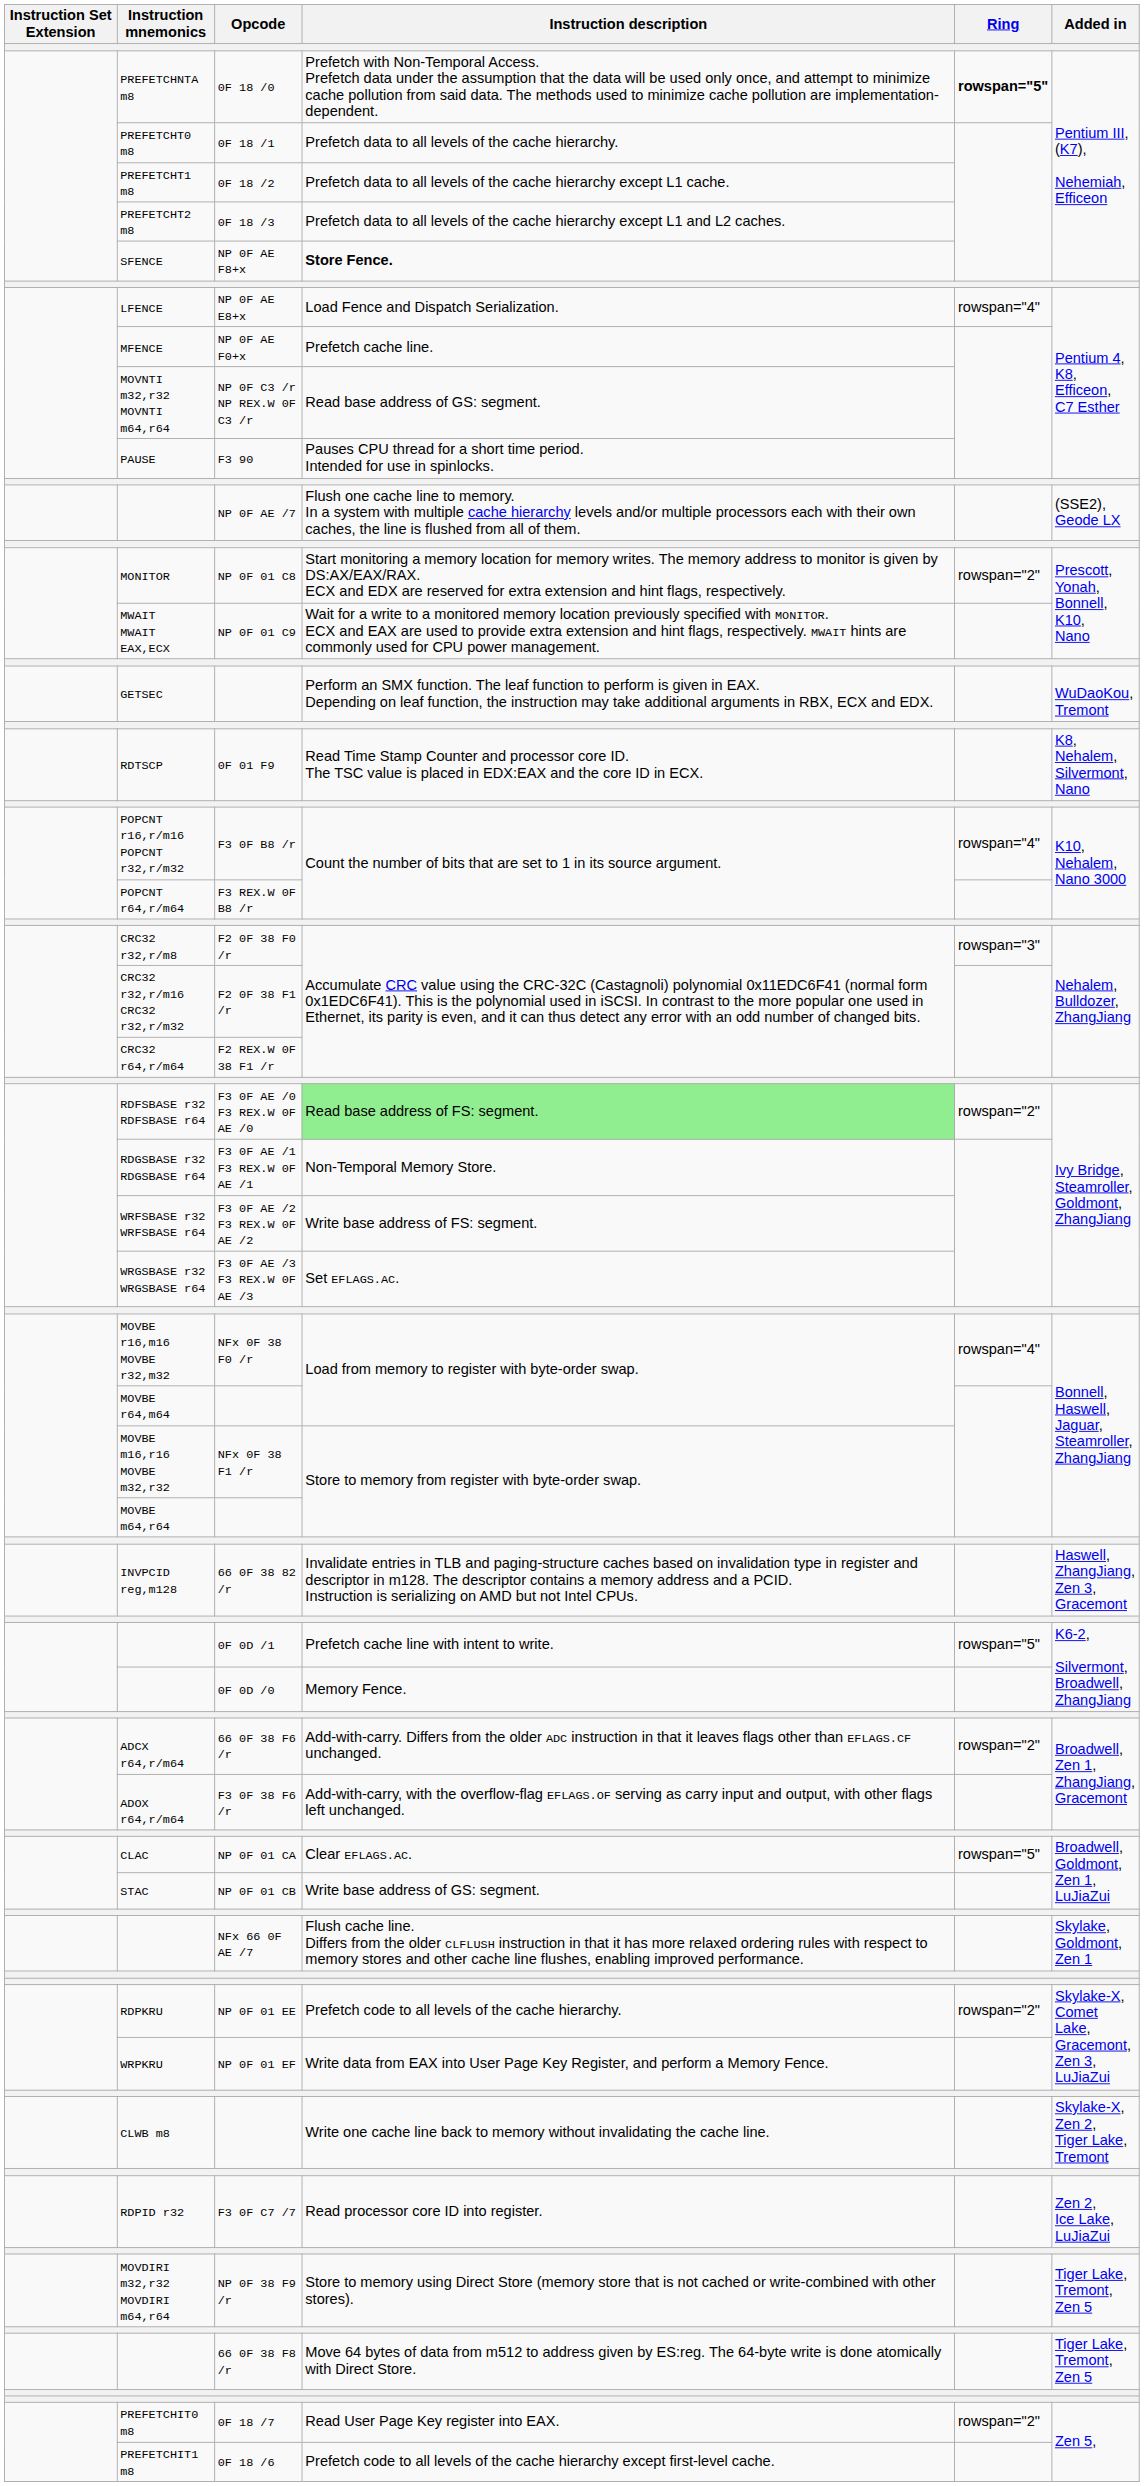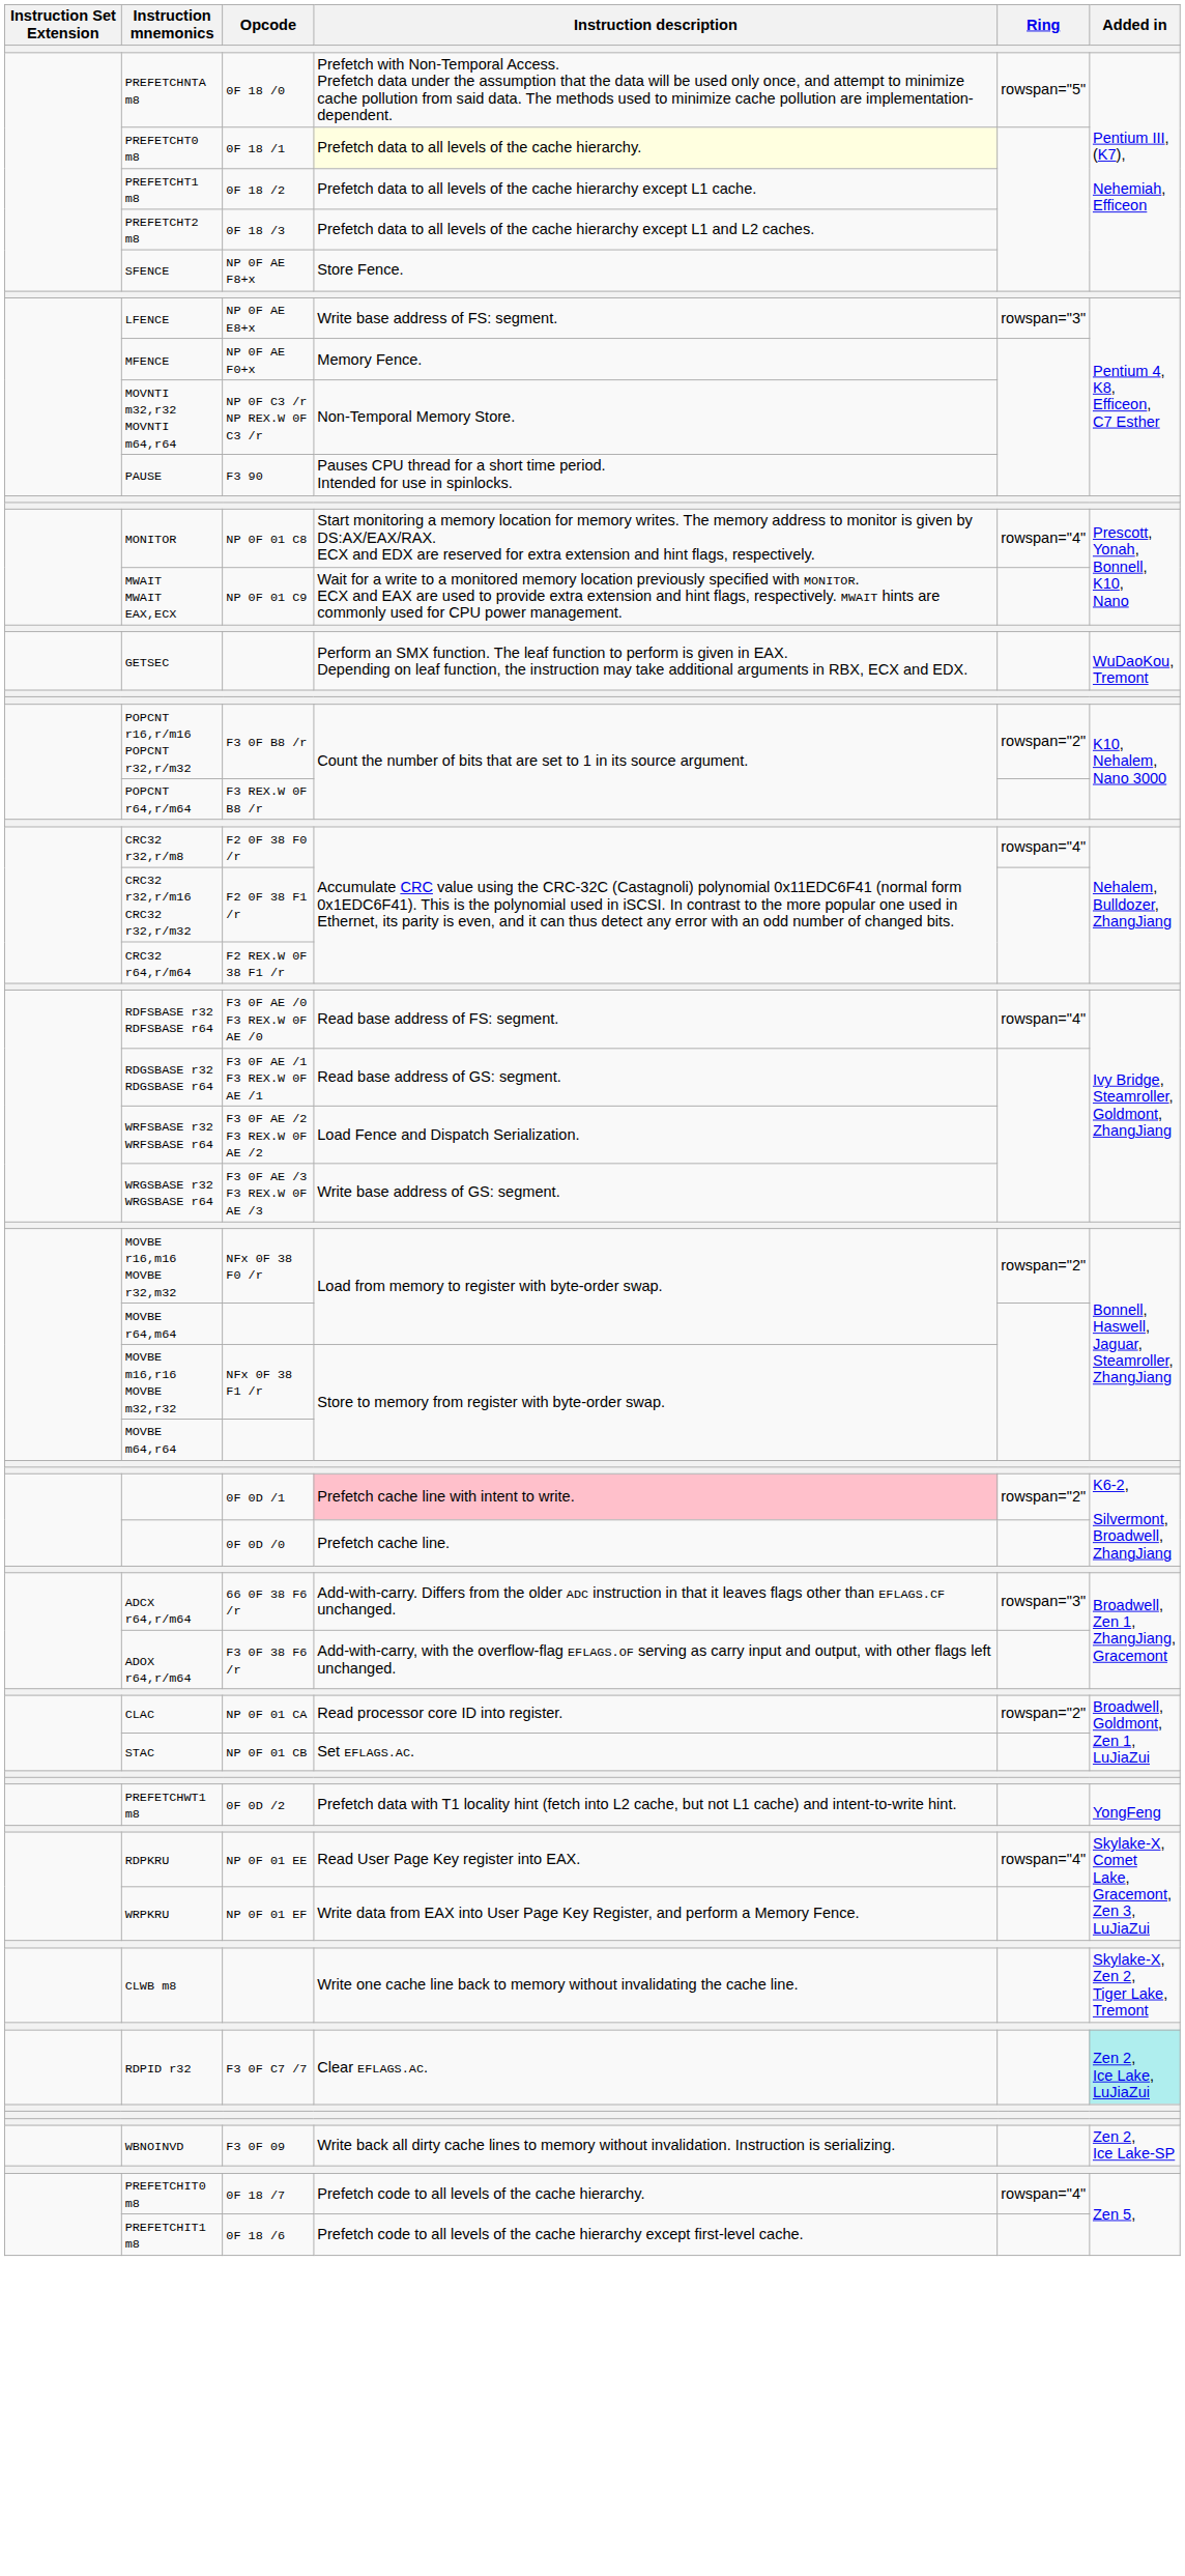 <table class="wikitable sortable sticky-header">
 <tr>
 <th>Instruction Set Extension</th>
 <th>Instruction<br>mnemonics</th>
 <th>Opcode</th>
 <th>Instruction description</th>
 <th><a href='#'>Ring</a></th>
 <th>Added in</th>
 </tr>
 <tr>
 <th colspan="6"></th>
 </tr>
 <tr>
 <td rowspan="5"></td>
 <td><code>PREFETCHNTA m8</code></td>
 <td><code>0F 18 /0</code></td>
 <td>Prefetch with Non-Temporal Access.<br>Prefetch data under the assumption that the data will be used only once, and attempt to minimize cache pollution from said data. The methods used to minimize cache pollution are implementation-dependent.</td>
-<td><strong>rowspan="5" </strong></td>
+<td>rowspan="5" </td>
 <td rowspan="5"><a href='#'>Pentium III</a>,<br>(<a href='#'>K7</a>),<br><br><a href='#'>Nehemiah</a>,<br><a href='#'>Efficeon</a></td>
 </tr>
 <tr>
 <td><code>PREFETCHT0 m8</code></td>
 <td><code>0F 18 /1</code></td>
-<td>Prefetch data to all levels of the cache hierarchy.</td>
+<td style="background: lightyellow;">Prefetch data to all levels of the cache hierarchy.</td>
 </tr>
 <tr>
 <td><code>PREFETCHT1 m8</code></td>
 <td><code>0F 18 /2</code></td>
 <td>Prefetch data to all levels of the cache hierarchy except L1 cache.</td>
 </tr>
 <tr>
 <td><code>PREFETCHT2 m8</code></td>
 <td><code>0F 18 /3</code></td>
 <td>Prefetch data to all levels of the cache hierarchy except L1 and L2 caches.</td>
 </tr>
 <tr>
 <td><code>SFENCE</code></td>
 <td><code>NP 0F AE F8+x</code></td>
-<td><strong>Store Fence.</strong></td>
+<td>Store Fence.</td>
 </tr>
 <tr>
 <th colspan="6"></th>
 </tr>
 <tr>
 <td rowspan="4"></td>
 <td><code>LFENCE</code></td>
 <td><code>NP 0F AE E8+x</code></td>
-<td>Load Fence and Dispatch Serialization.</td>
-<td>rowspan="4" </td>
+<td>Write base address of FS: segment.</td>
+<td>rowspan="3" </td>
 <td rowspan="4"><a href='#'>Pentium 4</a>,<br><a href='#'>K8</a>,<br><a href='#'>Efficeon</a>,<br><a href='#'>C7 Esther</a></td>
 </tr>
 <tr>
 <td><code>MFENCE</code></td>
 <td><code>NP 0F AE F0+x</code></td>
-<td>Prefetch cache line.</td>
+<td>Memory Fence.</td>
 </tr>
 <tr>
 <td><code>MOVNTI m32,r32</code><br><code>MOVNTI m64,r64</code></td>
 <td><code>NP 0F C3 /r</code><br><code>NP REX.W 0F C3 /r</code></td>
-<td>Read base address of GS: segment.</td>
+<td>Non-Temporal Memory Store.</td>
 </tr>
 <tr>
 <td><code>PAUSE</code></td>
 <td><code>F3 90</code></td>
 <td>Pauses CPU thread for a short time period.<br>Intended for use in spinlocks.</td>
 </tr>
 <tr>
 <th colspan="6"></th>
 </tr>
 <tr>
-<td></td>
-<td></td>
-<td><code>NP 0F AE /7</code></td>
-<td>Flush one cache line to memory.<br>In a system with multiple <a href='#'>cache hierarchy</a> levels and/or multiple processors each with their own caches, the line is flushed from all of them.</td>
-<td></td>
-<td>(SSE2),<br><a href='#'>Geode LX</a></td>
-</tr>
-<tr>
 <th colspan="6"></th>
 </tr>
 <tr>
 <td rowspan="2"></td>
 <td><code>MONITOR</code><br></td>
 <td><code>NP 0F 01 C8</code></td>
 <td>Start monitoring a memory location for memory writes. The memory address to monitor is given by DS:AX/EAX/RAX. <br>ECX and EDX are reserved for extra extension and hint flags, respectively.</td>
-<td>rowspan="2" </td>
+<td>rowspan="4" </td>
 <td rowspan="2"><a href='#'>Prescott</a>,<br><a href='#'>Yonah</a>,<br><a href='#'>Bonnell</a>,<br><a href='#'>K10</a>,<br><a href='#'>Nano</a></td>
 </tr>
 <tr>
 <td><code>MWAIT</code><br><code>MWAIT EAX,ECX</code></td>
 <td><code>NP 0F 01 C9</code></td>
 <td>Wait for a write to a monitored memory location previously specified with <code>MONITOR</code>.<br>ECX and EAX are used to provide extra extension and hint flags, respectively. <code>MWAIT</code> hints are commonly used for CPU power management.</td>
 </tr>
 <tr>
 <th colspan="6"></th>
 </tr>
 <tr>
 <td></td>
 <td><code>GETSEC</code></td>
 <td></td>
 <td>Perform an SMX function. The leaf function to perform is given in EAX.<br>Depending on leaf function, the instruction may take additional arguments in RBX, ECX and EDX.</td>
 <td></td>
 <td><br><a href='#'>WuDaoKou</a>,<br><a href='#'>Tremont</a></td>
 </tr>
 <tr>
 <th colspan="6"></th>
 </tr>
 <tr>
-<td></td>
-<td><code>RDTSCP</code></td>
-<td><code>0F 01 F9</code></td>
-<td>Read Time Stamp Counter and processor core ID.<br>The TSC value is placed in EDX:EAX and the core ID in ECX.</td>
-<td></td>
-<td><a href='#'>K8</a>,<br><a href='#'>Nehalem</a>,<br><a href='#'>Silvermont</a>,<br><a href='#'>Nano</a></td>
-</tr>
-<tr>
 <th colspan="6"></th>
 </tr>
 <tr>
 <td rowspan="2"></td>
 <td><code>POPCNT r16,r/m16</code><br><code>POPCNT r32,r/m32</code></td>
 <td><code>F3 0F B8 /r</code></td>
 <td rowspan="2">Count the number of bits that are set to 1 in its source argument.</td>
-<td>rowspan="4" </td>
+<td>rowspan="2"  </td>
 <td rowspan="2"><a href='#'>K10</a>,<br><a href='#'>Nehalem</a>,<br><a href='#'>Nano 3000</a></td>
 </tr>
 <tr>
 <td><code>POPCNT r64,r/m64</code></td>
 <td><code>F3 REX.W 0F B8 /r</code></td>
 </tr>
 <tr>
 <th colspan="6"></th>
 </tr>
 <tr>
 <td rowspan="3"></td>
 <td><code>CRC32 r32,r/m8</code></td>
 <td><code>F2 0F 38 F0 /r</code></td>
 <td rowspan="3">Accumulate <a href='#'>CRC</a> value using the CRC-32C (Castagnoli) polynomial 0x11EDC6F41 (normal form 0x1EDC6F41). This is the polynomial used in iSCSI. In contrast to the more popular one used in Ethernet, its parity is even, and it can thus detect any error with an odd number of changed bits.</td>
-<td>rowspan="3" </td>
+<td>rowspan="4" </td>
 <td rowspan="3"><a href='#'>Nehalem</a>,<br><a href='#'>Bulldozer</a>,<br><a href='#'>ZhangJiang</a></td>
 </tr>
 <tr>
 <td><code>CRC32 r32,r/m16</code><br><code>CRC32 r32,r/m32</code></td>
 <td><code>F2 0F 38 F1 /r</code></td>
 </tr>
 <tr>
 <td><code>CRC32 r64,r/m64</code></td>
 <td><code>F2 REX.W 0F 38 F1 /r</code></td>
 </tr>
 <tr>
 <th colspan="6"></th>
 </tr>
 <tr>
 <td rowspan="4"></td>
 <td><code>RDFSBASE r32</code><br><code>RDFSBASE r64</code></td>
 <td><code>F3 0F AE /0</code><br><code>F3 REX.W 0F AE /0</code></td>
-<td style="background: lightgreen;">Read base address of FS: segment.</td>
-<td>rowspan="2" </td>
+<td>Read base address of FS: segment.</td>
+<td>rowspan="4" </td>
 <td rowspan="4"><a href='#'>Ivy Bridge</a>,<br><a href='#'>Steamroller</a>,<br><a href='#'>Goldmont</a>,<br><a href='#'>ZhangJiang</a></td>
 </tr>
 <tr>
 <td><code>RDGSBASE r32</code><br><code>RDGSBASE r64</code></td>
 <td><code>F3 0F AE /1</code><br><code>F3 REX.W 0F AE /1</code></td>
-<td>Non-Temporal Memory Store.</td>
+<td>Read base address of GS: segment.</td>
 </tr>
 <tr>
 <td><code>WRFSBASE r32</code><br><code>WRFSBASE r64</code></td>
 <td><code>F3 0F AE /2</code><br><code>F3 REX.W 0F AE /2</code></td>
-<td>Write base address of FS: segment.</td>
+<td>Load Fence and Dispatch Serialization.</td>
 </tr>
 <tr>
 <td><code>WRGSBASE r32</code><br><code>WRGSBASE r64</code></td>
 <td><code>F3 0F AE /3</code><br><code>F3 REX.W 0F AE /3</code></td>
-<td>Set <code>EFLAGS.AC</code>.</td>
+<td>Write base address of GS: segment.</td>
 </tr>
 <tr>
 <th colspan="6"></th>
 </tr>
 <tr>
 <td rowspan="4"></td>
 <td><code>MOVBE r16,m16</code><br><code>MOVBE r32,m32</code></td>
 <td><code>NFx 0F 38 F0 /r</code></td>
 <td rowspan="2">Load from memory to register with byte-order swap.</td>
-<td>rowspan="4" </td>
+<td>rowspan="2" </td>
 <td rowspan="4"><a href='#'>Bonnell</a>,<br><a href='#'>Haswell</a>,<br><a href='#'>Jaguar</a>,<br><a href='#'>Steamroller</a>,<br><a href='#'>ZhangJiang</a></td>
 </tr>
 <tr>
 <td><code>MOVBE r64,m64</code></td>
 <td></td>
 </tr>
 <tr>
 <td><code>MOVBE m16,r16</code><br><code>MOVBE m32,r32</code></td>
 <td><code>NFx 0F 38 F1 /r</code></td>
 <td rowspan="2">Store to memory from register with byte-order swap.</td>
 </tr>
 <tr>
 <td><code>MOVBE m64,r64</code></td>
 <td></td>
 </tr>
 <tr>
 <th colspan="6"></th>
 </tr>
 <tr>
-<td></td>
-<td><code>INVPCID reg,m128</code></td>
-<td><code>66 0F 38 82 /r</code></td>
-<td>Invalidate entries in TLB and paging-structure caches based on invalidation type in register and descriptor in m128. The descriptor contains a memory address and a PCID.<br>Instruction is serializing on AMD but not Intel CPUs.</td>
-<td></td>
-<td><a href='#'>Haswell</a>,<br><a href='#'>ZhangJiang</a>,<br><a href='#'>Zen 3</a>,<br><a href='#'>Gracemont</a></td>
-</tr>
-<tr>
 <th colspan="6"></th>
 </tr>
 <tr>
 <td rowspan="2"></td>
 <td></td>
 <td><code>0F 0D /1</code></td>
-<td>Prefetch cache line with intent to write.</td>
-<td>rowspan="5" </td>
+<td style="background: pink;">Prefetch cache line with intent to write.</td>
+<td>rowspan="2" </td>
 <td rowspan="2"><a href='#'>K6-2</a>,<br><br><a href='#'>Silvermont</a>,<br><a href='#'>Broadwell</a>,<br><a href='#'>ZhangJiang</a></td>
 </tr>
 <tr>
 <td></td>
 <td><code>0F 0D /0</code></td>
-<td>Memory Fence.</td>
+<td>Prefetch cache line.</td>
 </tr>
 <tr>
 <th colspan="6"></th>
 </tr>
 <tr>
 <td rowspan="2"></td>
 <td><br><code>ADCX r64,r/m64</code></td>
 <td><code>66 0F 38 F6 /r</code><br></td>
 <td>Add-with-carry. Differs from the older <code>ADC</code> instruction in that it leaves flags other than <code>EFLAGS.CF</code> unchanged.</td>
-<td>rowspan="2" </td>
+<td>rowspan="3" </td>
 <td rowspan="2"><a href='#'>Broadwell</a>,<br><a href='#'>Zen 1</a>,<br><a href='#'>ZhangJiang</a>,<br><a href='#'>Gracemont</a></td>
 </tr>
 <tr>
 <td><br><code>ADOX r64,r/m64</code></td>
 <td><code>F3 0F 38 F6 /r</code><br></td>
 <td>Add-with-carry, with the overflow-flag <code>EFLAGS.OF</code> serving as carry input and output, with other flags left unchanged.</td>
 </tr>
 <tr>
 <th colspan="6"></th>
 </tr>
 <tr>
 <td rowspan="2"></td>
 <td><code>CLAC</code></td>
 <td><code>NP 0F 01 CA</code></td>
-<td>Clear <code>EFLAGS.AC</code>.</td>
-<td>rowspan="5" </td>
+<td>Read processor core ID into register.</td>
+<td>rowspan="2" </td>
 <td rowspan="2"><a href='#'>Broadwell</a>,<br><a href='#'>Goldmont</a>,<br><a href='#'>Zen 1</a>,<br><a href='#'>LuJiaZui</a></td>
 </tr>
 <tr>
 <td><code>STAC</code></td>
 <td><code>NP 0F 01 CB</code></td>
-<td>Write base address of GS: segment.</td>
-</tr>
-<tr>
-<th colspan="6"></th>
-</tr>
-<tr>
-<td></td>
-<td></td>
-<td><code>NFx 66 0F AE /7</code></td>
-<td>Flush cache line.<br>Differs from the older <code>CLFLUSH</code> instruction in that it has more relaxed ordering rules with respect to memory stores and other cache line flushes, enabling improved performance.</td>
-<td></td>
-<td><a href='#'>Skylake</a>,<br><a href='#'>Goldmont</a>,<br><a href='#'>Zen 1</a></td>
+<td>Set <code>EFLAGS.AC</code>.</td>
 </tr>
 <tr>
 <th colspan="6"></th>
 </tr>
 <tr>
 <th colspan="6"></th>
 </tr>
 <tr>
+<td></td>
+<td><code>PREFETCHWT1 m8</code></td>
+<td><code>0F 0D /2</code></td>
+<td>Prefetch data with T1 locality hint (fetch into L2 cache, but not L1 cache) and intent-to-write hint.</td>
+<td></td>
+<td><br><a href='#'>YongFeng</a></td>
+</tr>
+<tr>
+<th colspan="6"></th>
+</tr>
+<tr>
 <td rowspan="2"></td>
 <td><code>RDPKRU</code></td>
 <td><code>NP 0F 01 EE</code></td>
-<td>Prefetch code to all levels of the cache hierarchy.</td>
-<td>rowspan="2" </td>
+<td>Read User Page Key register into EAX.</td>
+<td>rowspan="4" </td>
 <td rowspan="2"><a href='#'>Skylake-X</a>,<br><a href='#'>Comet Lake</a>,<br><a href='#'>Gracemont</a>,<br><a href='#'>Zen 3</a>,<br><a href='#'>LuJiaZui</a></td>
 </tr>
 <tr>
 <td><code>WRPKRU</code></td>
 <td><code>NP 0F 01 EF</code></td>
 <td>Write data from EAX into User Page Key Register, and perform a Memory Fence.</td>
 </tr>
 <tr>
 <th colspan="6"></th>
 </tr>
 <tr>
 <td></td>
 <td><code>CLWB m8</code></td>
 <td></td>
 <td>Write one cache line back to memory without invalidating the cache line.</td>
 <td></td>
 <td><a href='#'>Skylake-X</a>,<br><a href='#'>Zen 2</a>,<br><a href='#'>Tiger Lake</a>,<br><a href='#'>Tremont</a></td>
 </tr>
 <tr>
 <th colspan="6"></th>
 </tr>
 <tr>
 <td></td>
 <td><code>RDPID r32</code></td>
 <td><code>F3 0F C7 /7</code></td>
-<td>Read processor core ID into register.</td>
+<td>Clear <code>EFLAGS.AC</code>.</td>
 <td></td>
-<td><br><a href='#'>Zen 2</a>,<br><a href='#'>Ice Lake</a>,<br><a href='#'>LuJiaZui</a></td>
-</tr>
-<tr>
-<th colspan="6"></th>
-</tr>
-<tr>
-<td></td>
-<td><code>MOVDIRI m32,r32</code><br><code>MOVDIRI m64,r64</code></td>
-<td><code>NP 0F 38 F9 /r</code><br></td>
-<td>Store to memory using Direct Store (memory store that is not cached or write-combined with other stores).</td>
-<td></td>
-<td><a href='#'>Tiger Lake</a>,<br><a href='#'>Tremont</a>,<br><a href='#'>Zen 5</a></td>
-</tr>
-<tr>
-<th colspan="6"></th>
-</tr>
-<tr>
-<td></td>
-<td></td>
-<td><code>66 0F 38 F8 /r</code></td>
-<td>Move 64 bytes of data from m512 to address given by ES:reg. The 64-byte write is done atomically with Direct Store.</td>
-<td></td>
-<td><a href='#'>Tiger Lake</a>,<br><a href='#'>Tremont</a>,<br><a href='#'>Zen 5</a></td>
+<td style="background: paleturquoise;"><br><a href='#'>Zen 2</a>,<br><a href='#'>Ice Lake</a>,<br><a href='#'>LuJiaZui</a></td>
 </tr>
 <tr>
 <th colspan="6"></th>
 </tr>
 <tr>
 <th colspan="6"></th>
 </tr>
 <tr>
+<th colspan="6"></th>
+</tr>
+<tr>
+<td></td>
+<td><code>WBNOINVD</code></td>
+<td><code>F3 0F 09</code></td>
+<td>Write back all dirty cache lines to memory without invalidation. Instruction is serializing.</td>
+<td></td>
+<td><a href='#'>Zen 2</a>,<br><a href='#'>Ice Lake-SP</a></td>
+</tr>
+<tr>
+<th colspan="6"></th>
+</tr>
+<tr>
 <td rowspan="2"></td>
 <td><code>PREFETCHIT0 m8</code></td>
 <td><code>0F 18 /7</code></td>
-<td>Read User Page Key register into EAX.</td>
-<td>rowspan="2" </td>
+<td>Prefetch code to all levels of the cache hierarchy.</td>
+<td>rowspan="4" </td>
 <td rowspan="2"><a href='#'>Zen 5</a>,<br></td>
 </tr>
 <tr>
 <td><code>PREFETCHIT1 m8</code></td>
 <td><code>0F 18 /6</code></td>
 <td>Prefetch code to all levels of the cache hierarchy except first-level cache.</td>
 </tr>
 </table>
